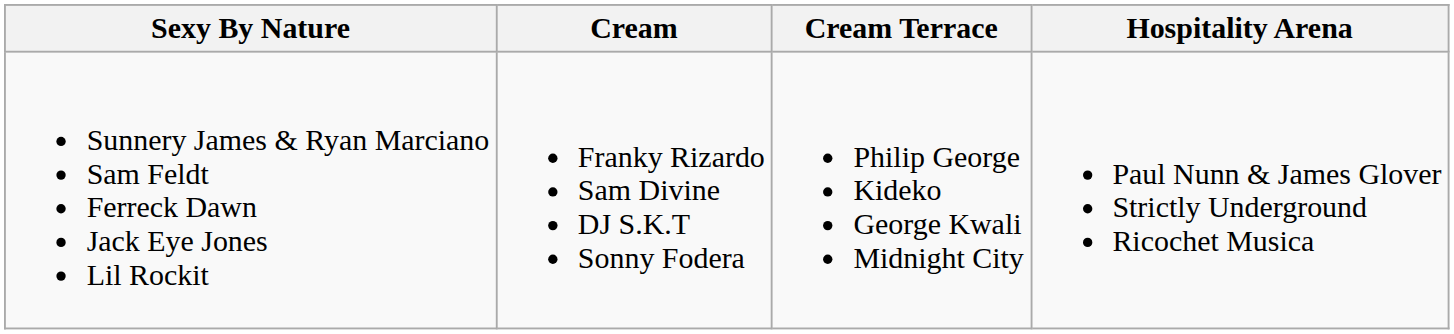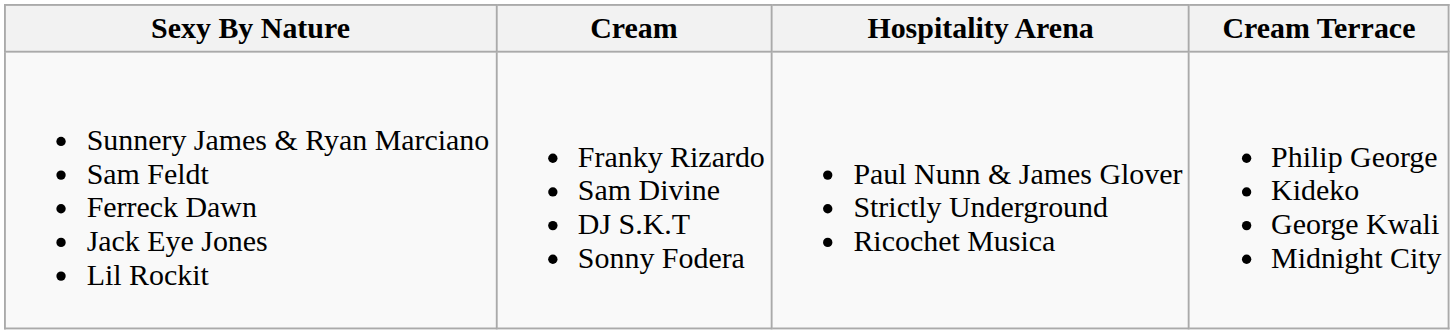 <table class="wikitable">
 <tr>
 <th>Sexy By Nature</th>
 <th>Cream</th>
+<th>Hospitality Arena</th>
 <th>Cream Terrace</th>
-<th>Hospitality Arena</th>
 </tr>
 <tr>
 <td><br><ul><li>Sunnery James & Ryan Marciano</li><li>Sam Feldt</li><li>Ferreck Dawn</li><li>Jack Eye Jones</li><li>Lil Rockit</li></ul></td>
 <td><br><ul><li>Franky Rizardo</li><li>Sam Divine</li><li>DJ S.K.T</li><li>Sonny Fodera</li></ul></td>
+<td><br><ul><li>Paul Nunn & James Glover</li><li>Strictly Underground</li><li>Ricochet Musica</li></ul></td>
 <td><br><ul><li>Philip George</li><li>Kideko</li><li>George Kwali</li><li>Midnight City</li></ul></td>
-<td><br><ul><li>Paul Nunn & James Glover</li><li>Strictly Underground</li><li>Ricochet Musica</li></ul></td>
 </tr>
 </table>
